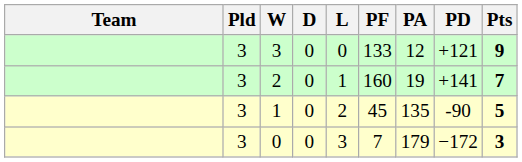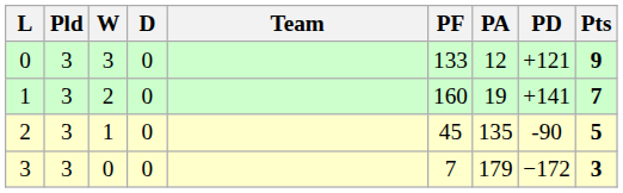 <table class="wikitable" style="text-align:center;">
 <tr>
-<th width=175>Team</th>
+<th width=20 abbr="Lost">L</th>
 <th width=20 abbr="Played">Pld</th>
 <th width=20 abbr="Won">W</th>
 <th width=20 abbr="Drawn">D</th>
-<th width=20 abbr="Lost">L</th>
+<th width=175>Team</th>
 <th width=20 abbr="Points for">PF</th>
 <th width=20 abbr="Points against">PA</th>
 <th width=25 abbr="Points difference">PD</th>
 <th width=20 abbr="Points">Pts</th>
 </tr>
 <tr style="background:#ccffcc">
-<td align=left></td>
+<td>0</td>
 <td>3</td>
 <td>3</td>
 <td>0</td>
-<td>0</td>
+<td align=left></td>
 <td>133</td>
 <td>12</td>
 <td>+121</td>
 <td><strong>9</strong></td>
 </tr>
 <tr style="background:#ccffcc">
-<td align=left></td>
+<td>1</td>
 <td>3</td>
 <td>2</td>
 <td>0</td>
-<td>1</td>
+<td align=left></td>
 <td>160</td>
 <td>19</td>
 <td>+141</td>
 <td><strong>7</strong></td>
 </tr>
 <tr style="background:#ffffcc">
-<td align=left></td>
+<td>2</td>
 <td>3</td>
 <td>1</td>
 <td>0</td>
-<td>2</td>
+<td align=left></td>
 <td>45</td>
 <td>135</td>
 <td>-90</td>
 <td><strong>5</strong></td>
 </tr>
 <tr style="background:#ffffcc">
-<td align=left></td>
+<td>3</td>
 <td>3</td>
 <td>0</td>
 <td>0</td>
-<td>3</td>
+<td align=left></td>
 <td>7</td>
 <td>179</td>
 <td>−172</td>
 <td><strong>3</strong></td>
 </tr>
 </table>
